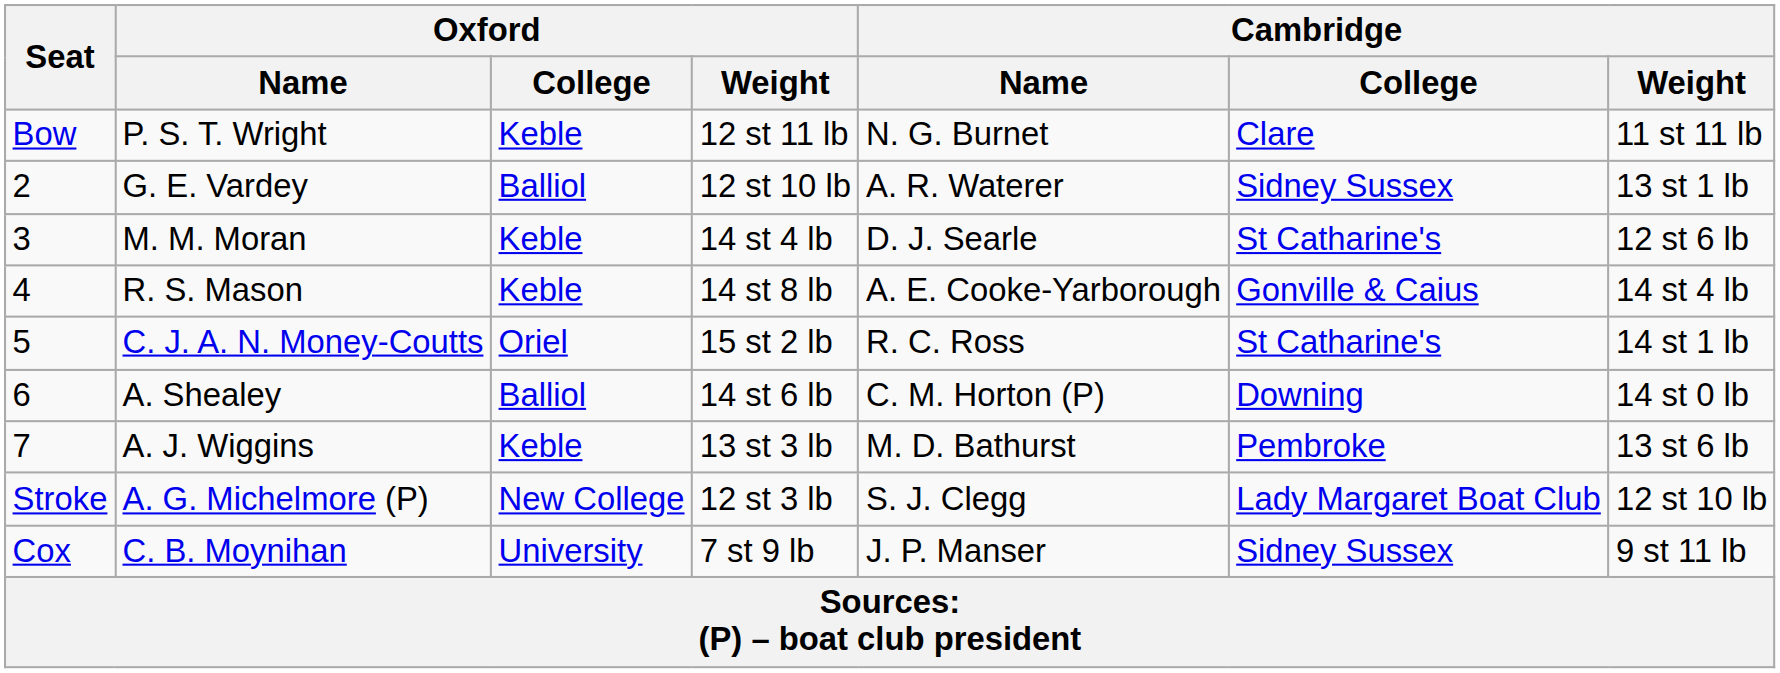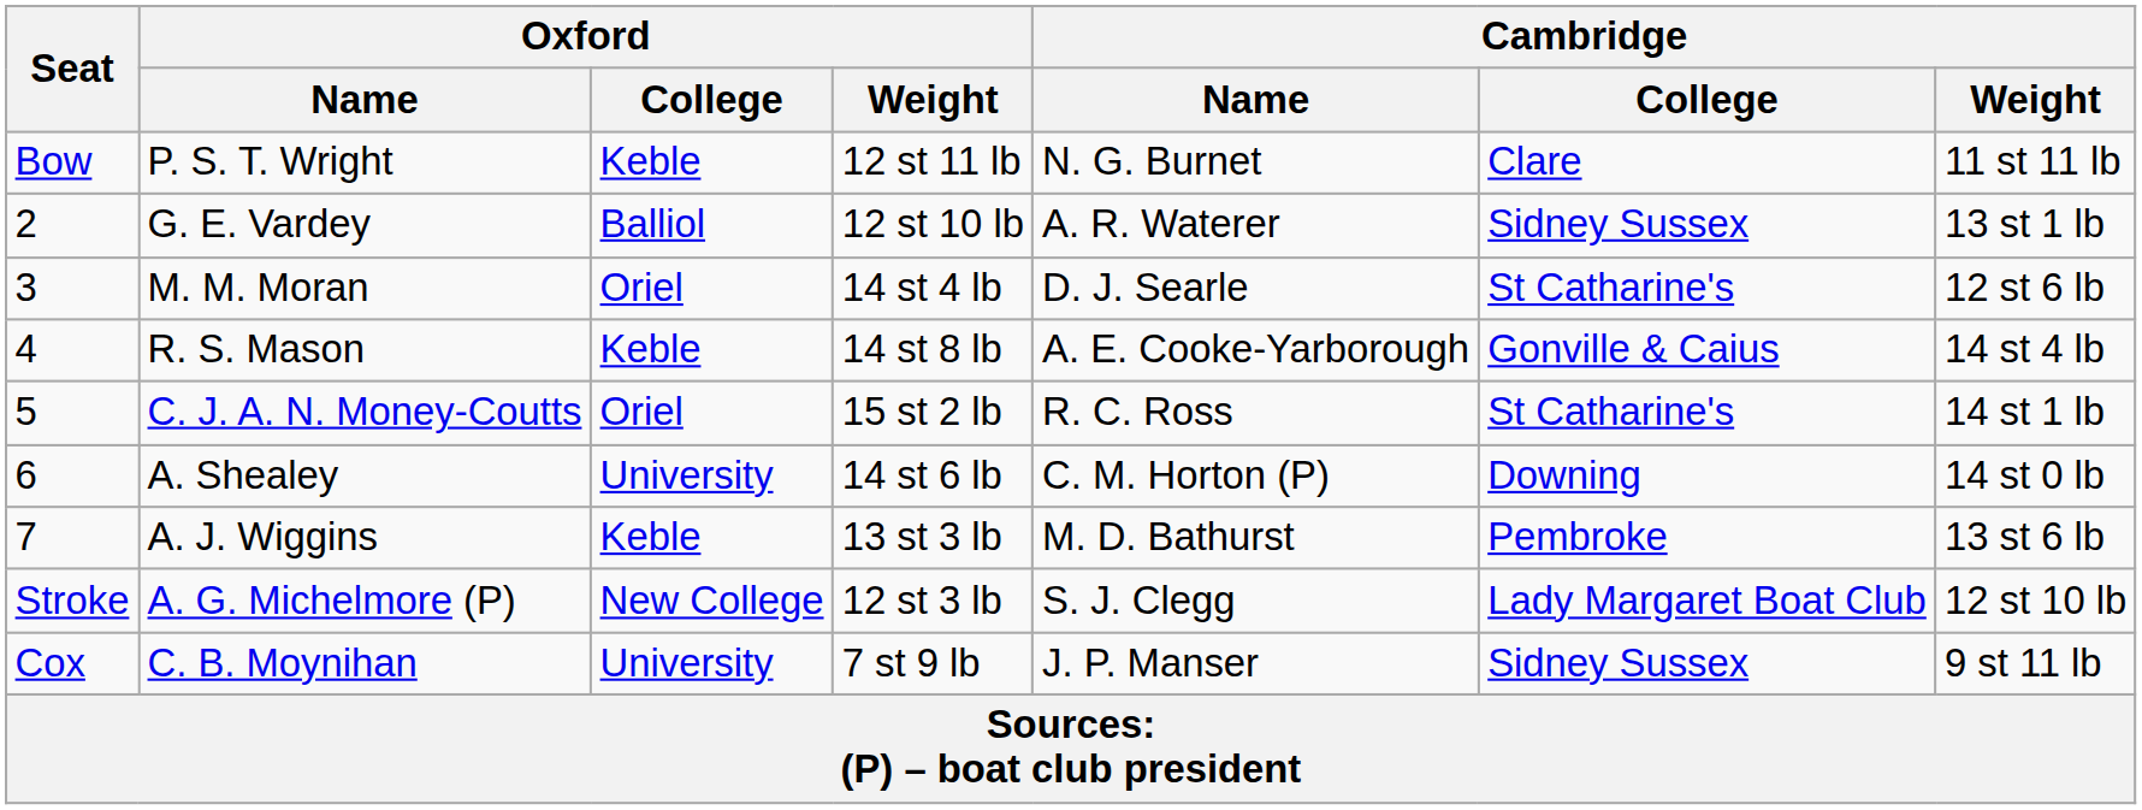 <table class="wikitable">
 <tr>
 <th rowspan="2" scope="col">Seat</th>
 <th colspan="3" scope="col">Oxford <br> </th>
 <th colspan="3" scope="col">Cambridge <br> </th>
 </tr>
 <tr>
 <th>Name</th>
 <th>College</th>
 <th>Weight</th>
 <th>Name</th>
 <th>College</th>
 <th>Weight</th>
 </tr>
 <tr>
 <td><a href='#'>Bow</a></td>
 <td>P. S. T. Wright</td>
 <td><a href='#'>Keble</a></td>
 <td>12 st 11 lb</td>
 <td>N. G. Burnet</td>
 <td><a href='#'>Clare</a></td>
 <td>11 st 11 lb</td>
 </tr>
 <tr>
 <td>2</td>
 <td>G. E. Vardey</td>
 <td><a href='#'>Balliol</a></td>
 <td>12 st 10 lb</td>
 <td>A. R. Waterer</td>
 <td><a href='#'>Sidney Sussex</a></td>
 <td>13 st 1 lb</td>
 </tr>
 <tr>
 <td>3</td>
 <td>M. M. Moran</td>
-<td><a href='#'>Keble</a></td>
+<td><a href='#'>Oriel</a></td>
 <td>14 st 4 lb</td>
 <td>D. J. Searle</td>
 <td><a href='#'>St Catharine's</a></td>
 <td>12 st 6 lb</td>
 </tr>
 <tr>
 <td>4</td>
 <td>R. S. Mason</td>
 <td><a href='#'>Keble</a></td>
 <td>14 st 8 lb</td>
 <td>A. E. Cooke-Yarborough</td>
 <td><a href='#'>Gonville & Caius</a></td>
 <td>14 st 4 lb</td>
 </tr>
 <tr>
 <td>5</td>
 <td><a href='#'>C. J. A. N. Money-Coutts</a></td>
 <td><a href='#'>Oriel</a></td>
 <td>15 st 2 lb</td>
 <td>R. C. Ross</td>
 <td><a href='#'>St Catharine's</a></td>
 <td>14 st 1 lb</td>
 </tr>
 <tr>
 <td>6</td>
 <td>A. Shealey</td>
-<td><a href='#'>Balliol</a></td>
+<td><a href='#'>University</a></td>
 <td>14 st 6 lb</td>
 <td>C. M. Horton (P)</td>
 <td><a href='#'>Downing</a></td>
 <td>14 st 0 lb</td>
 </tr>
 <tr>
 <td>7</td>
 <td>A. J. Wiggins</td>
 <td><a href='#'>Keble</a></td>
 <td>13 st 3 lb</td>
 <td>M. D. Bathurst</td>
 <td><a href='#'>Pembroke</a></td>
 <td>13 st 6 lb</td>
 </tr>
 <tr>
 <td><a href='#'>Stroke</a></td>
 <td><a href='#'>A. G. Michelmore</a> (P)</td>
 <td><a href='#'>New College</a></td>
 <td>12 st 3 lb</td>
 <td>S. J. Clegg</td>
 <td><a href='#'>Lady Margaret Boat Club</a></td>
 <td>12 st 10 lb</td>
 </tr>
 <tr>
 <td><a href='#'>Cox</a></td>
 <td><a href='#'>C. B. Moynihan</a></td>
 <td><a href='#'>University</a></td>
 <td>7 st 9 lb</td>
 <td>J. P. Manser</td>
 <td><a href='#'>Sidney Sussex</a></td>
 <td>9 st 11 lb</td>
 </tr>
 <tr>
 <th colspan="7">Sources:<br>(P) – boat club president</th>
 </tr>
 </table>
